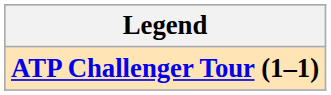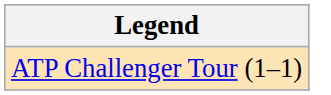 <table class=wikitable>
 <tr>
 <th>Legend</th>
 </tr>
 <tr bgcolor=moccasin>
-<td><strong><a href='#'>ATP Challenger Tour</a> (1–1)</strong></td>
+<td><a href='#'>ATP Challenger Tour</a> (1–1)</td>
 </tr>
 </table>
